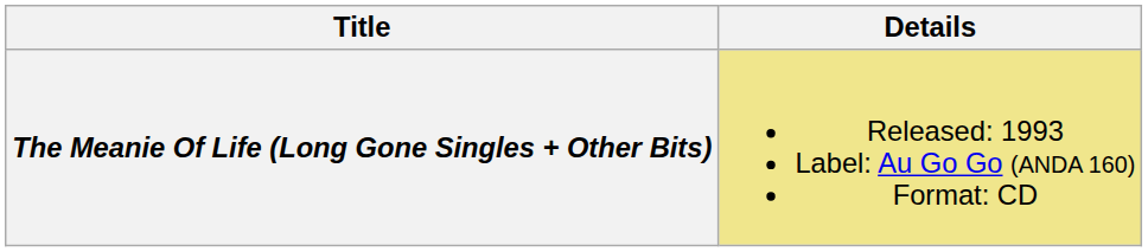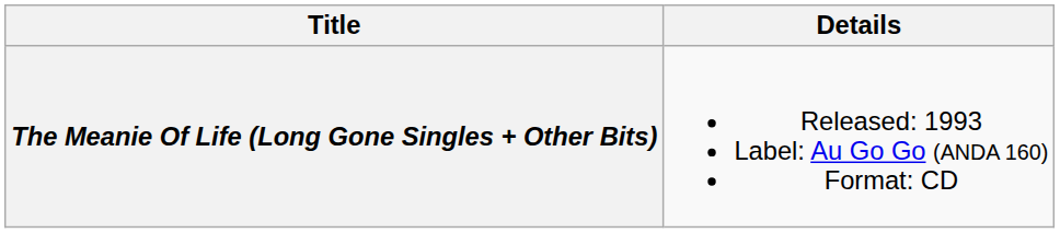 <table class="wikitable plainrowheaders" style="text-align:center;" border="1">
 <tr>
 <th>Title</th>
 <th>Details</th>
 </tr>
 <tr>
 <th scope="row"><em>The Meanie Of Life (Long Gone Singles + Other Bits)</em></th>
-<td style="background: khaki;"><br><ul><li>Released: 1993</li><li>Label: <a href='#'>Au Go Go</a> <small>(ANDA 160)</small></li><li>Format: CD</li></ul></td>
+<td><br><ul><li>Released: 1993</li><li>Label: <a href='#'>Au Go Go</a> <small>(ANDA 160)</small></li><li>Format: CD</li></ul></td>
 </tr>
 </table>
